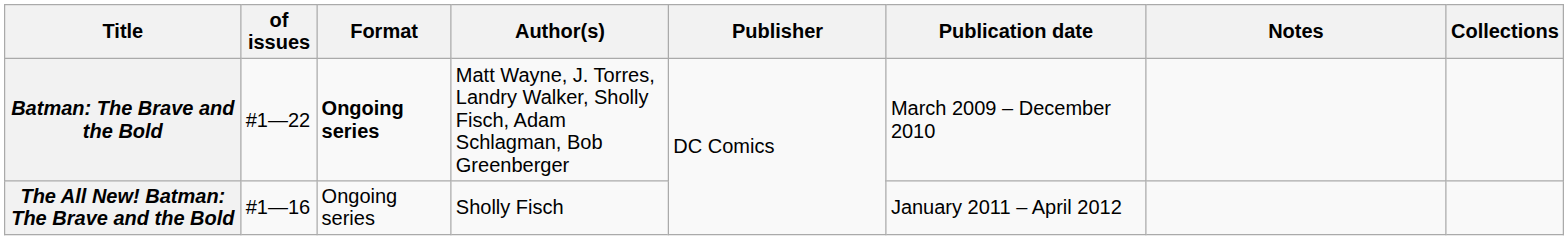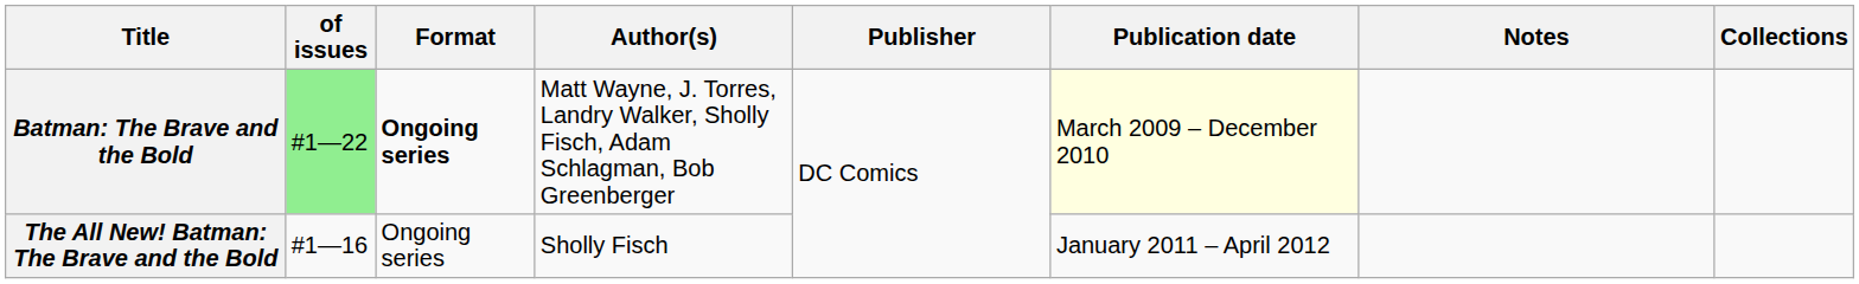 <table class="wikitable">
 <tr>
 <th>Title</th>
 <th style="width:40pt"> of issues</th>
 <th style="width:75pt">Format</th>
 <th style="width:125pt">Author(s)</th>
 <th style="width:125pt">Publisher</th>
 <th style="width:150pt">Publication date</th>
 <th style="width:175pt">Notes</th>
 <th>Collections</th>
 </tr>
 <tr>
 <th><em>Batman: The Brave and the Bold</em></th>
-<td>#1—22</td>
+<td style="background: lightgreen;">#1—22</td>
 <td><strong>Ongoing series</strong></td>
 <td>Matt Wayne, J. Torres, Landry Walker, Sholly Fisch, Adam Schlagman, Bob Greenberger</td>
 <td rowspan="2">DC Comics</td>
-<td>March 2009 – December 2010</td>
+<td style="background: lightyellow;">March 2009 – December 2010</td>
 <td></td>
 <td></td>
 </tr>
 <tr>
 <th><em>The All New! Batman: The Brave and the Bold</em></th>
 <td>#1—16</td>
 <td>Ongoing series</td>
 <td>Sholly Fisch</td>
 <td>January 2011 – April 2012</td>
 <td></td>
 <td></td>
 </tr>
 </table>
